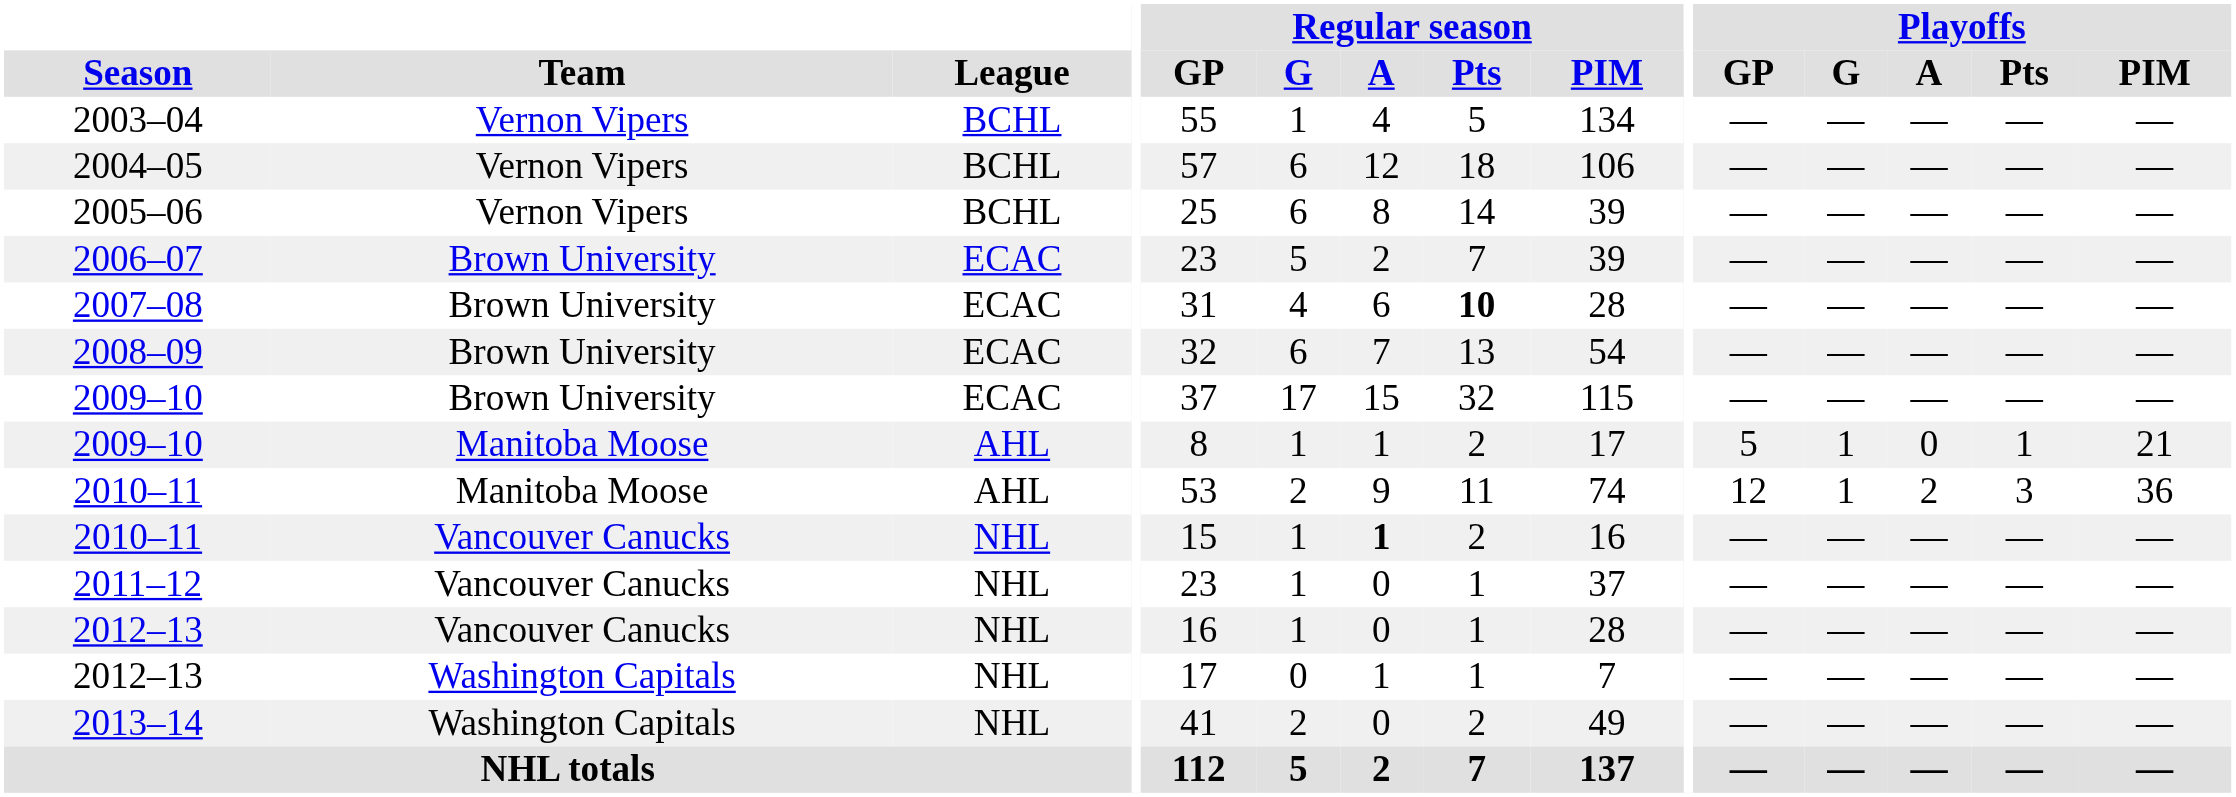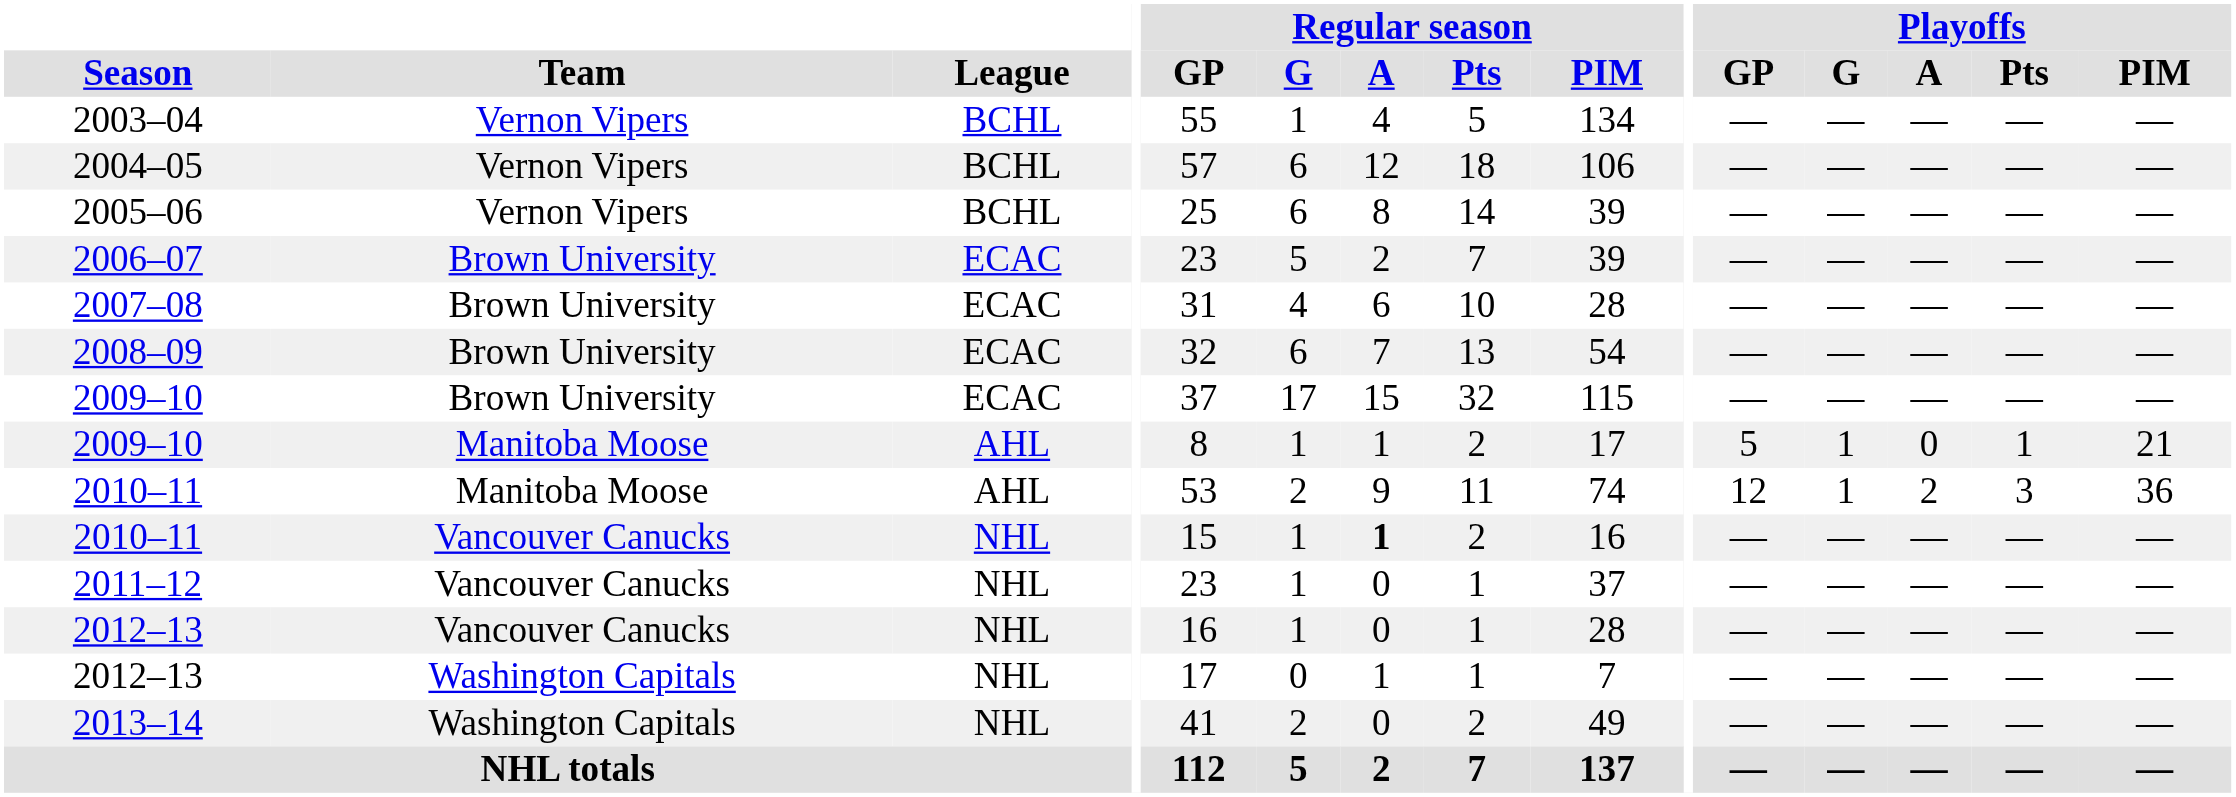 <table border="0" cellpadding="1" cellspacing="0" style="text-align:center; width:60em">
 <tr bgcolor="#e0e0e0">
 <th colspan="3" bgcolor="#ffffff"></th>
 <th rowspan="99" bgcolor="#ffffff"></th>
 <th colspan="5"><a href='#'>Regular season</a></th>
 <th rowspan="99" bgcolor="#ffffff"></th>
 <th colspan="5"><a href='#'>Playoffs</a></th>
 </tr>
 <tr bgcolor="#e0e0e0">
 <th><a href='#'>Season</a></th>
 <th>Team</th>
 <th>League</th>
 <th>GP</th>
 <th><a href='#'>G</a></th>
 <th><a href='#'>A</a></th>
 <th><a href='#'>Pts</a></th>
 <th><a href='#'>PIM</a></th>
 <th>GP</th>
 <th>G</th>
 <th>A</th>
 <th>Pts</th>
 <th>PIM</th>
 </tr>
 <tr>
 <td>2003–04</td>
 <td><a href='#'>Vernon Vipers</a></td>
 <td><a href='#'>BCHL</a></td>
 <td>55</td>
 <td>1</td>
 <td>4</td>
 <td>5</td>
 <td>134</td>
 <td>—</td>
 <td>—</td>
 <td>—</td>
 <td>—</td>
 <td>—</td>
 </tr>
 <tr bgcolor="#f0f0f0">
 <td>2004–05</td>
 <td>Vernon Vipers</td>
 <td>BCHL</td>
 <td>57</td>
 <td>6</td>
 <td>12</td>
 <td>18</td>
 <td>106</td>
 <td>—</td>
 <td>—</td>
 <td>—</td>
 <td>—</td>
 <td>—</td>
 </tr>
 <tr>
 <td>2005–06</td>
 <td>Vernon Vipers</td>
 <td>BCHL</td>
 <td>25</td>
 <td>6</td>
 <td>8</td>
 <td>14</td>
 <td>39</td>
 <td>—</td>
 <td>—</td>
 <td>—</td>
 <td>—</td>
 <td>—</td>
 </tr>
 <tr bgcolor="#f0f0f0">
 <td><a href='#'>2006–07</a></td>
 <td><a href='#'>Brown University</a></td>
 <td><a href='#'>ECAC</a></td>
 <td>23</td>
 <td>5</td>
 <td>2</td>
 <td>7</td>
 <td>39</td>
 <td>—</td>
 <td>—</td>
 <td>—</td>
 <td>—</td>
 <td>—</td>
 </tr>
 <tr>
 <td><a href='#'>2007–08</a></td>
 <td>Brown University</td>
 <td>ECAC</td>
 <td>31</td>
 <td>4</td>
 <td>6</td>
-<td><strong>10</strong></td>
+<td>10</td>
 <td>28</td>
 <td>—</td>
 <td>—</td>
 <td>—</td>
 <td>—</td>
 <td>—</td>
 </tr>
 <tr bgcolor="#f0f0f0">
 <td><a href='#'>2008–09</a></td>
 <td>Brown University</td>
 <td>ECAC</td>
 <td>32</td>
 <td>6</td>
 <td>7</td>
 <td>13</td>
 <td>54</td>
 <td>—</td>
 <td>—</td>
 <td>—</td>
 <td>—</td>
 <td>—</td>
 </tr>
 <tr>
 <td><a href='#'>2009–10</a></td>
 <td>Brown University</td>
 <td>ECAC</td>
 <td>37</td>
 <td>17</td>
 <td>15</td>
 <td>32</td>
 <td>115</td>
 <td>—</td>
 <td>—</td>
 <td>—</td>
 <td>—</td>
 <td>—</td>
 </tr>
 <tr bgcolor="#f0f0f0">
 <td><a href='#'>2009–10</a></td>
 <td><a href='#'>Manitoba Moose</a></td>
 <td><a href='#'>AHL</a></td>
 <td>8</td>
 <td>1</td>
 <td>1</td>
 <td>2</td>
 <td>17</td>
 <td>5</td>
 <td>1</td>
 <td>0</td>
 <td>1</td>
 <td>21</td>
 </tr>
 <tr>
 <td><a href='#'>2010–11</a></td>
 <td>Manitoba Moose</td>
 <td>AHL</td>
 <td>53</td>
 <td>2</td>
 <td>9</td>
 <td>11</td>
 <td>74</td>
 <td>12</td>
 <td>1</td>
 <td>2</td>
 <td>3</td>
 <td>36</td>
 </tr>
 <tr bgcolor="#f0f0f0">
 <td><a href='#'>2010–11</a></td>
 <td><a href='#'>Vancouver Canucks</a></td>
 <td><a href='#'>NHL</a></td>
 <td>15</td>
 <td>1</td>
 <td><strong>1</strong></td>
 <td>2</td>
 <td>16</td>
 <td>—</td>
 <td>—</td>
 <td>—</td>
 <td>—</td>
 <td>—</td>
 </tr>
 <tr>
 <td><a href='#'>2011–12</a></td>
 <td>Vancouver Canucks</td>
 <td>NHL</td>
 <td>23</td>
 <td>1</td>
 <td>0</td>
 <td>1</td>
 <td>37</td>
 <td>—</td>
 <td>—</td>
 <td>—</td>
 <td>—</td>
 <td>—</td>
 </tr>
 <tr bgcolor="#f0f0f0">
 <td><a href='#'>2012–13</a></td>
 <td>Vancouver Canucks</td>
 <td>NHL</td>
 <td>16</td>
 <td>1</td>
 <td>0</td>
 <td>1</td>
 <td>28</td>
 <td>—</td>
 <td>—</td>
 <td>—</td>
 <td>—</td>
 <td>—</td>
 </tr>
 <tr>
 <td>2012–13</td>
 <td><a href='#'>Washington Capitals</a></td>
 <td>NHL</td>
 <td>17</td>
 <td>0</td>
 <td>1</td>
 <td>1</td>
 <td>7</td>
 <td>—</td>
 <td>—</td>
 <td>—</td>
 <td>—</td>
 <td>—</td>
 </tr>
 <tr bgcolor="#f0f0f0">
 <td><a href='#'>2013–14</a></td>
 <td>Washington Capitals</td>
 <td>NHL</td>
 <td>41</td>
 <td>2</td>
 <td>0</td>
 <td>2</td>
 <td>49</td>
 <td>—</td>
 <td>—</td>
 <td>—</td>
 <td>—</td>
 <td>—</td>
 </tr>
 <tr bgcolor="#e0e0e0">
 <th colspan="3">NHL totals</th>
 <th>112</th>
 <th>5</th>
 <th>2</th>
 <th>7</th>
 <th>137</th>
 <th>—</th>
 <th>—</th>
 <th>—</th>
 <th>—</th>
 <th>—</th>
 </tr>
 </table>
